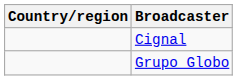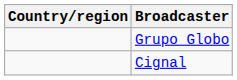 <table class="wikitable">
 <tr>
 <th>Country/region</th>
 <th>Broadcaster</th>
 </tr>
 <tr>
+<td></td>
+<td><a href='#'>Grupo Globo</a></td>
+</tr>
+<tr>
 <td><strong></strong></td>
 <td><a href='#'>Cignal</a></td>
 </tr>
-<tr>
-<td></td>
-<td><a href='#'>Grupo Globo</a></td>
-</tr>
 </table>
